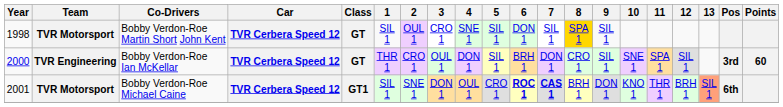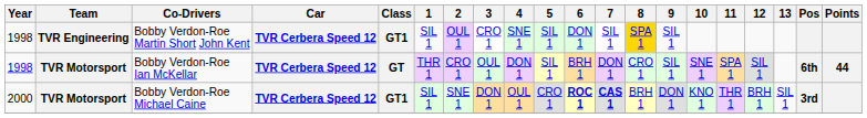 <table class="wikitable" style="text-align:center; font-size:85%">
 <tr>
 <th>Year</th>
 <th>Team</th>
 <th>Co-Drivers</th>
 <th>Car</th>
 <th>Class</th>
 <th>1</th>
 <th>2</th>
 <th>3</th>
 <th>4</th>
 <th>5</th>
 <th>6</th>
 <th>7</th>
 <th>8</th>
 <th>9</th>
 <th>10</th>
 <th>11</th>
 <th>12</th>
 <th>13</th>
 <th>Pos</th>
 <th>Points</th>
 </tr>
 <tr>
 <td>1998</td>
-<th>TVR Motorsport</th>
+<th>TVR Engineering</th>
 <td align=left> Bobby Verdon-Roe<br> <a href='#'>Martin Short</a>  <a href='#'>John Kent</a></td>
 <th><a href='#'>TVR Cerbera Speed 12</a></th>
-<th>GT</th>
+<th>GT1</th>
 <td><a href='#'>SIL<br>1</a><br></td>
 <td style="background:#EFCFFF;"><a href='#'>OUL<br>1</a><br></td>
 <td style="background:#FFFFFF;"><a href='#'>CRO<br>1</a><br></td>
 <td style="background:#DFFFDF;"><a href='#'>SNE<br>1</a><br></td>
 <td style="background:#DFFFDF;"><a href='#'>SIL<br>1</a><br></td>
 <td style="background:#DFFFDF;"><a href='#'>DON<br>1</a><br></td>
 <td style="background:#FFFFFF;"><a href='#'>SIL<br>1</a><br></td>
 <td style="background: gold;"><a href='#'>SPA<br>1</a><br></td>
 <td><a href='#'>SIL<br>1</a><br></td>
 <td></td>
 <td></td>
 <td></td>
 <td></td>
 <th></th>
 <th></th>
 </tr>
 <tr>
-<td><a href='#'>2000</a></td>
-<th>TVR Engineering</th>
+<td><a href='#'>1998</a></td>
+<th>TVR Motorsport</th>
 <td align=left> Bobby Verdon-Roe<br> <a href='#'>Ian McKellar</a></td>
 <th><a href='#'>TVR Cerbera Speed 12</a></th>
 <th>GT</th>
 <td style="background:#EFCFFF;"><a href='#'>THR<br>1</a><br></td>
 <td style="background:#EFCFFF;"><a href='#'>CRO<br>1</a><br></td>
 <td style="background:#DFFFDF;"><a href='#'>OUL<br>1</a><br></td>
 <td style="background:#EFCFFF;"><a href='#'>DON<br>1</a><br></td>
 <td style="background:#FFFFBF;"><a href='#'>SIL<br>1</a><br></td>
 <td style="background:#FFDF9F;"><a href='#'>BRH<br>1</a><br></td>
 <td style="background:#EFCFFF;"><a href='#'>DON<br>1</a><br></td>
 <td style="background:#DFFFDF;"><a href='#'>CRO<br>1</a><br></td>
 <td style="background:#DFFFDF;"><a href='#'>SIL<br>1</a><br></td>
 <td style="background:#EFCFFF;"><a href='#'>SNE<br>1</a><br></td>
 <td style="background:#FFDF9F;"><a href='#'>SPA<br>1</a><br></td>
 <td style="background:#DFDFDF;"><a href='#'>SIL<br>1</a><br></td>
 <td></td>
-<th>3rd</th>
-<th>60</th>
+<th>6th</th>
+<th>44</th>
 </tr>
 <tr>
-<td>2001</td>
+<td>2000</td>
 <th>TVR Motorsport</th>
 <td align=left> Bobby Verdon-Roe<br> <a href='#'>Michael Caine</a></td>
 <th><a href='#'>TVR Cerbera Speed 12</a></th>
 <th>GT1</th>
 <td style="background:#DFFFDF;"><a href='#'>SIL<br>1</a><br></td>
 <td style="background:#DFFFDF;"><a href='#'>SNE<br>1</a><br></td>
 <td style="background:#FFDF9F;"><a href='#'>DON<br>1</a><br></td>
 <td style="background:#FFDF9F;"><a href='#'>OUL<br>1</a><br></td>
 <td style="background:#DFDFDF;"><a href='#'>CRO<br>1</a><br></td>
 <td style="background:#FFFFBF;"><strong><a href='#'>ROC<br>1</a></strong><br></td>
 <td style="background:#DFDFDF;"><strong><a href='#'>CAS<br>1</a></strong><br></td>
 <td style="background:#FFFFBF;"><a href='#'>BRH<br>1</a><br></td>
 <td style="background:#DFDFDF;"><a href='#'>DON<br>1</a><br></td>
 <td style="background:#DFFFDF;"><a href='#'>KNO<br>1</a><br></td>
 <td style="background:#EFCFFF;"><a href='#'>THR<br>1</a><br></td>
 <td style="background:#DFFFDF;"><a href='#'>BRH<br>1</a><br></td>
-<td style="background: lightsalmon;"><a href='#'>SIL<br>1</a></td>
-<th>6th</th>
+<td><a href='#'>SIL<br>1</a></td>
+<th>3rd</th>
 <th></th>
 </tr>
 <tr>
 </tr>
 </table>
